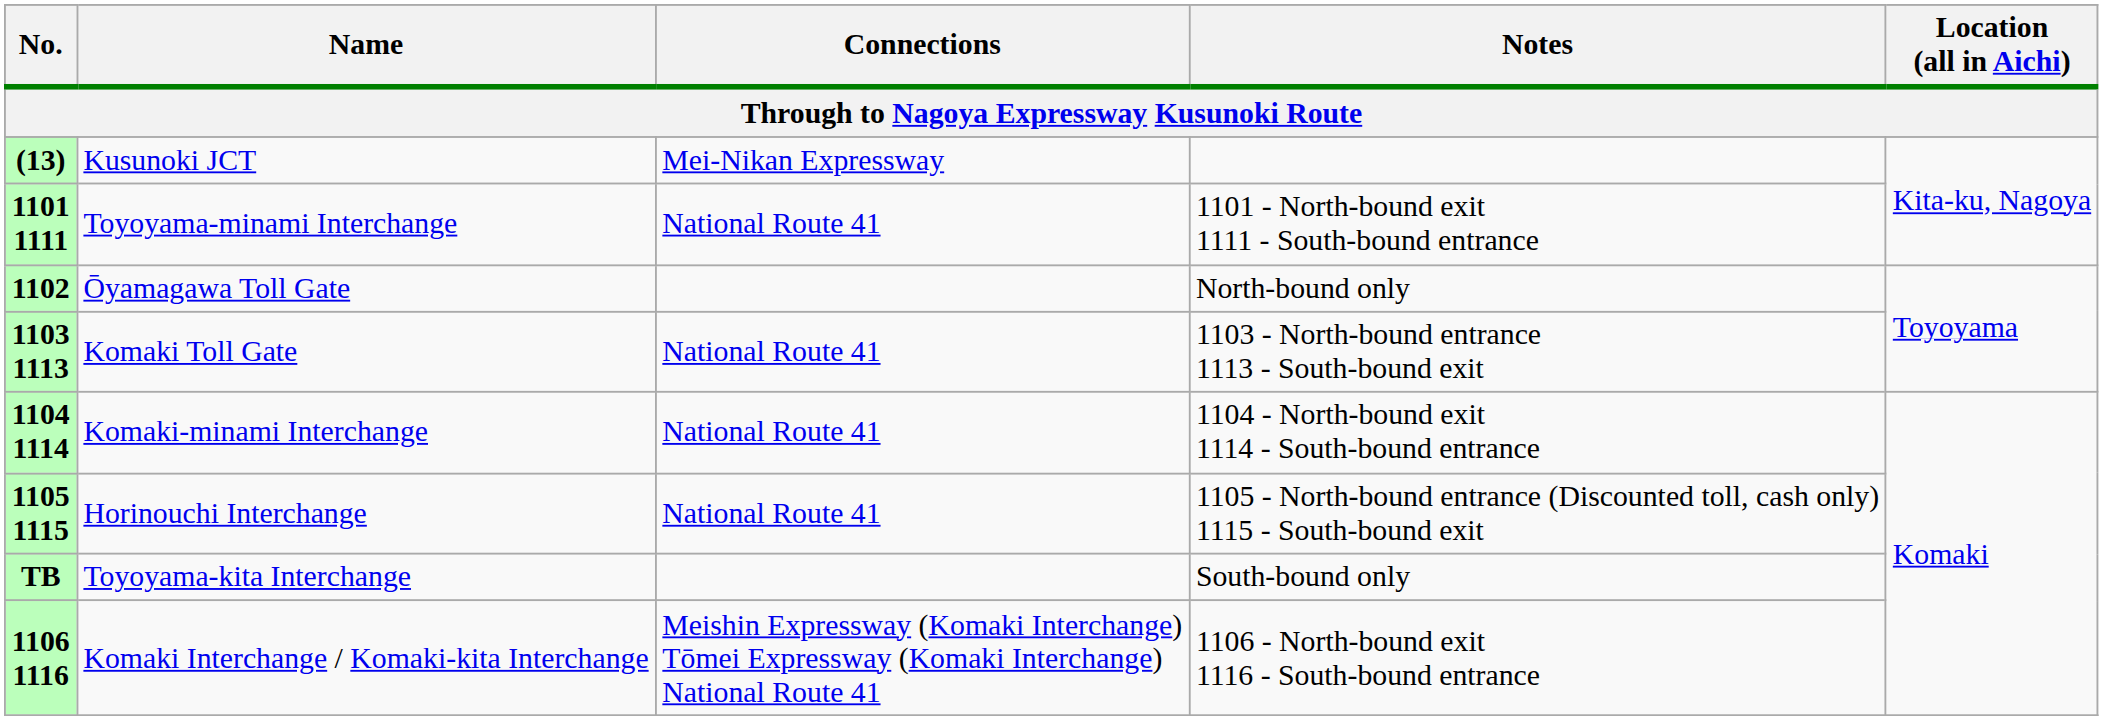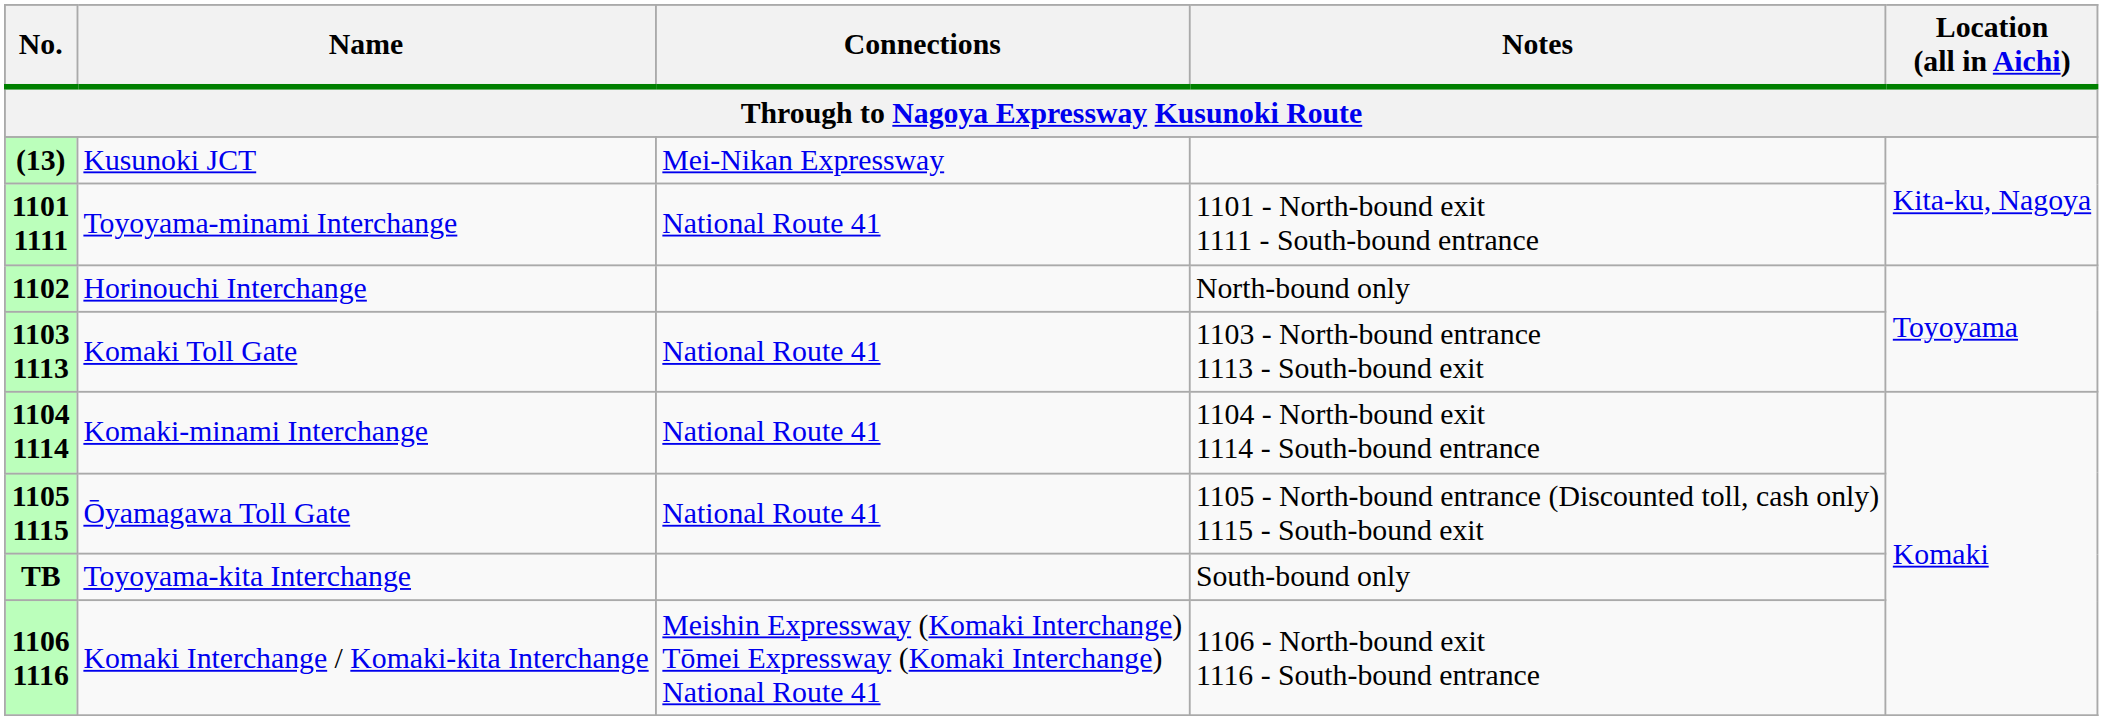 <table class="wikitable">
 <tr>
 <th style="border-bottom: 3px solid green;">No.</th>
 <th style="border-bottom: 3px solid green;">Name</th>
 <th style="border-bottom: 3px solid green;">Connections</th>
 <th style="border-bottom: 3px solid green;">Notes</th>
 <th style="border-bottom: 3px solid green;">Location<br>(all in <a href='#'>Aichi</a>)</th>
 </tr>
 <tr>
 <th colspan="5"><strong>Through to  <a href='#'>Nagoya Expressway</a> <a href='#'>Kusunoki Route</a></strong></th>
 </tr>
 <tr>
 <th style="background-color: #BFB;">(13)</th>
 <td><a href='#'>Kusunoki JCT</a></td>
 <td> <a href='#'>Mei-Nikan Expressway</a></td>
 <td></td>
 <td rowspan="2"><a href='#'>Kita-ku, Nagoya</a></td>
 </tr>
 <tr>
 <th style="background-color: #BFB;">1101<br>1111</th>
 <td><a href='#'>Toyoyama-minami Interchange</a></td>
 <td> <a href='#'>National Route 41</a></td>
 <td>1101 - North-bound exit<br>1111 - South-bound entrance</td>
 </tr>
 <tr>
 <th style="background-color: #BFB;">1102</th>
-<td><a href='#'>Ōyamagawa Toll Gate</a></td>
+<td><a href='#'>Horinouchi Interchange</a></td>
 <td></td>
 <td>North-bound only</td>
 <td rowspan="2"><a href='#'>Toyoyama</a></td>
 </tr>
 <tr>
 <th style="background-color: #BFB;">1103<br>1113</th>
 <td><a href='#'>Komaki Toll Gate</a></td>
 <td> <a href='#'>National Route 41</a></td>
 <td>1103 - North-bound entrance<br>1113 - South-bound exit</td>
 </tr>
 <tr>
 <th style="background-color: #BFB;">1104<br>1114</th>
 <td><a href='#'>Komaki-minami Interchange</a></td>
 <td> <a href='#'>National Route 41</a></td>
 <td>1104 - North-bound exit<br>1114 - South-bound entrance</td>
 <td rowspan="4"><a href='#'>Komaki</a></td>
 </tr>
 <tr>
 <th style="background-color: #BFB;">1105<br>1115</th>
-<td><a href='#'>Horinouchi Interchange</a></td>
+<td><a href='#'>Ōyamagawa Toll Gate</a></td>
 <td> <a href='#'>National Route 41</a></td>
 <td>1105 - North-bound entrance (Discounted toll, cash only)<br>1115 - South-bound exit</td>
 </tr>
 <tr>
 <th style="background-color: #BFB;">TB</th>
 <td><a href='#'>Toyoyama-kita Interchange</a></td>
 <td></td>
 <td>South-bound only</td>
 </tr>
 <tr>
 <th style="background-color: #BFB;">1106<br>1116</th>
 <td><a href='#'>Komaki Interchange</a> / <a href='#'>Komaki-kita Interchange</a></td>
 <td> <a href='#'>Meishin Expressway</a> (<a href='#'>Komaki Interchange</a>)<br> <a href='#'>Tōmei Expressway</a> (<a href='#'>Komaki Interchange</a>)<br> <a href='#'>National Route 41</a></td>
 <td>1106 - North-bound exit<br>1116 - South-bound entrance</td>
 </tr>
 <tr>
 </tr>
 </table>
